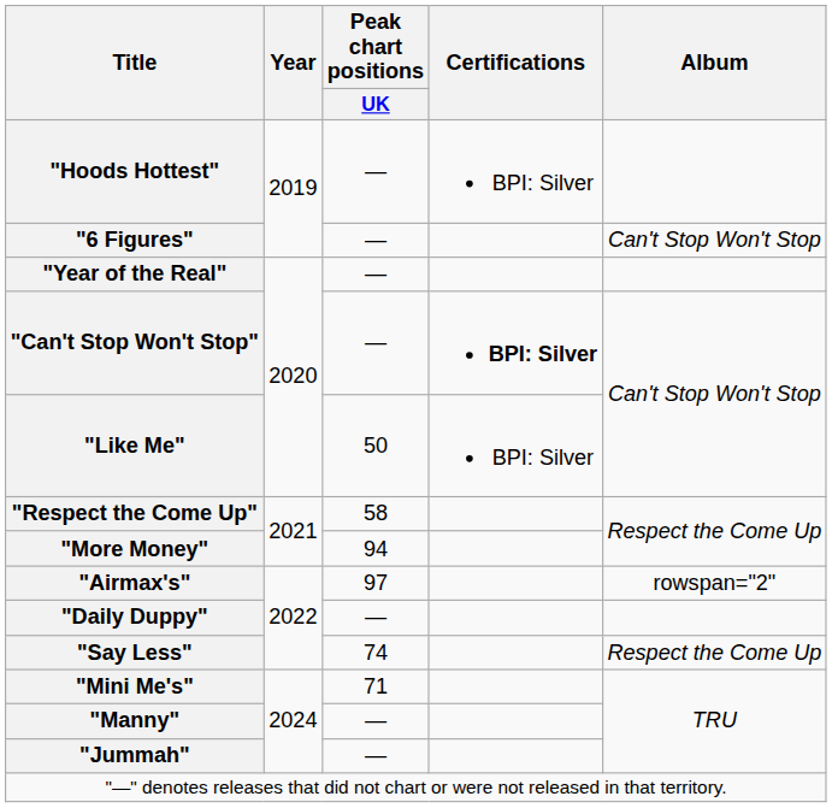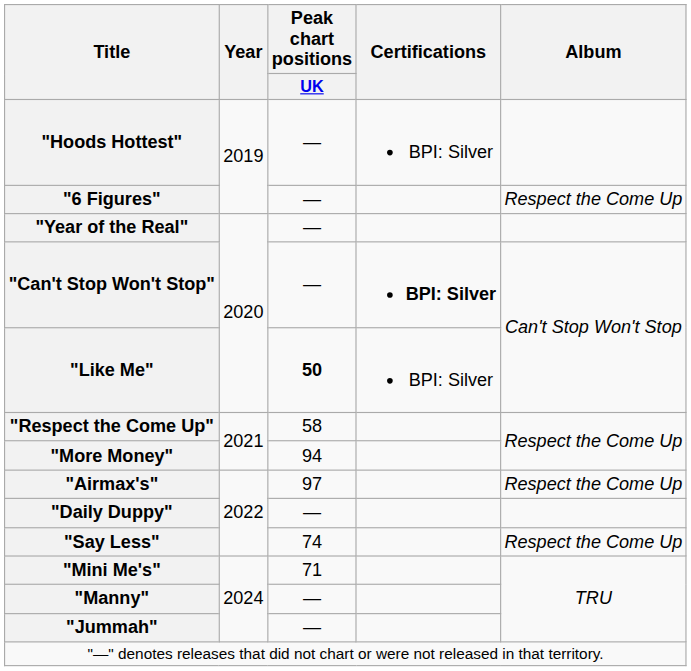 <table class="wikitable plainrowheaders" style="text-align:center">
 <tr>
 <th scope="col" rowspan="2">Title</th>
 <th scope="col" rowspan="2">Year</th>
 <th scope="col" colspan="1">Peak chart positions</th>
 <th scope="col" rowspan="2">Certifications</th>
 <th scope="col" rowspan="2">Album</th>
 </tr>
 <tr>
 <th scope="col" style="width:3em;font-size:90%"><a href='#'>UK</a><br></th>
 </tr>
 <tr>
 <th scope="row">"Hoods Hottest"</th>
 <td rowspan="2">2019</td>
 <td>—</td>
 <td><br><ul><li>BPI: Silver</li></ul></td>
 <td></td>
 </tr>
 <tr>
 <th scope="row">"6 Figures"</th>
 <td>—</td>
 <td></td>
-<td><em>Can't Stop Won't Stop</em></td>
+<td><em>Respect the Come Up</em></td>
 </tr>
 <tr>
 <th scope="row">"Year of the Real"<br></th>
 <td rowspan="3">2020</td>
 <td>—</td>
 <td></td>
 <td></td>
 </tr>
 <tr>
 <th scope="row">"Can't Stop Won't Stop"</th>
 <td>—</td>
 <td><strong><br><ul><li>BPI: Silver</li></ul></strong></td>
 <td rowspan="2"><em>Can't Stop Won't Stop</em></td>
 </tr>
 <tr>
 <th scope="row">"Like Me"</th>
-<td>50</td>
+<td><strong>50</strong></td>
 <td><br><ul><li>BPI: Silver</li></ul></td>
 </tr>
 <tr>
 <th scope="row">"Respect the Come Up"</th>
 <td rowspan="2">2021</td>
 <td>58</td>
 <td></td>
 <td rowspan="2"><em>Respect the Come Up</em></td>
 </tr>
 <tr>
 <th scope="row">"More Money"</th>
 <td>94</td>
 <td></td>
 </tr>
 <tr>
 <th scope="row">"Airmax's"</th>
 <td rowspan="3">2022</td>
 <td>97</td>
 <td></td>
-<td>rowspan="2" </td>
+<td><em>Respect the Come Up</em></td>
 </tr>
 <tr>
 <th scope="row">"Daily Duppy"</th>
 <td>—</td>
 <td></td>
 </tr>
 <tr>
 <th scope="row">"Say Less"</th>
 <td>74</td>
 <td></td>
 <td><em>Respect the Come Up</em></td>
 </tr>
 <tr>
 <th scope="row">"Mini Me's"</th>
 <td rowspan="3">2024</td>
 <td>71</td>
 <td></td>
 <td rowspan="3"><em>TRU</em></td>
 </tr>
 <tr>
 <th scope="row">"Manny"</th>
 <td>—</td>
 <td></td>
 </tr>
 <tr>
 <th scope="row">"Jummah"</th>
 <td>—</td>
 <td></td>
 </tr>
 <tr>
 <td align="center" colspan="15" style="font-size:85%">"—" denotes releases that did not chart or were not released in that territory.</td>
 </tr>
 </table>
